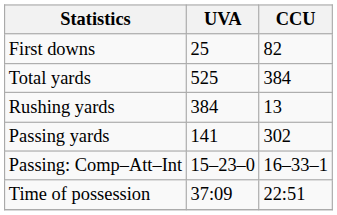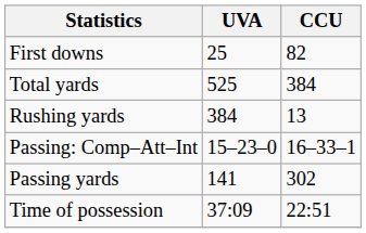 <table class="wikitable" style="float: left;">
 <tr>
 <th>Statistics</th>
 <th>UVA</th>
 <th>CCU</th>
 </tr>
 <tr>
 <td>First downs</td>
 <td>25</td>
 <td>82</td>
 </tr>
 <tr>
 <td>Total yards</td>
 <td>525</td>
 <td>384</td>
 </tr>
 <tr>
 <td>Rushing yards</td>
 <td>384</td>
 <td>13</td>
 </tr>
 <tr>
+<td>Passing: Comp–Att–Int</td>
+<td>15–23–0</td>
+<td>16–33–1</td>
+</tr>
+<tr>
 <td>Passing yards</td>
 <td>141</td>
 <td>302</td>
-</tr>
-<tr>
-<td>Passing: Comp–Att–Int</td>
-<td>15–23–0</td>
-<td>16–33–1</td>
 </tr>
 <tr>
 <td>Time of possession</td>
 <td>37:09</td>
 <td>22:51</td>
 </tr>
 <tr>
 </tr>
 </table>
